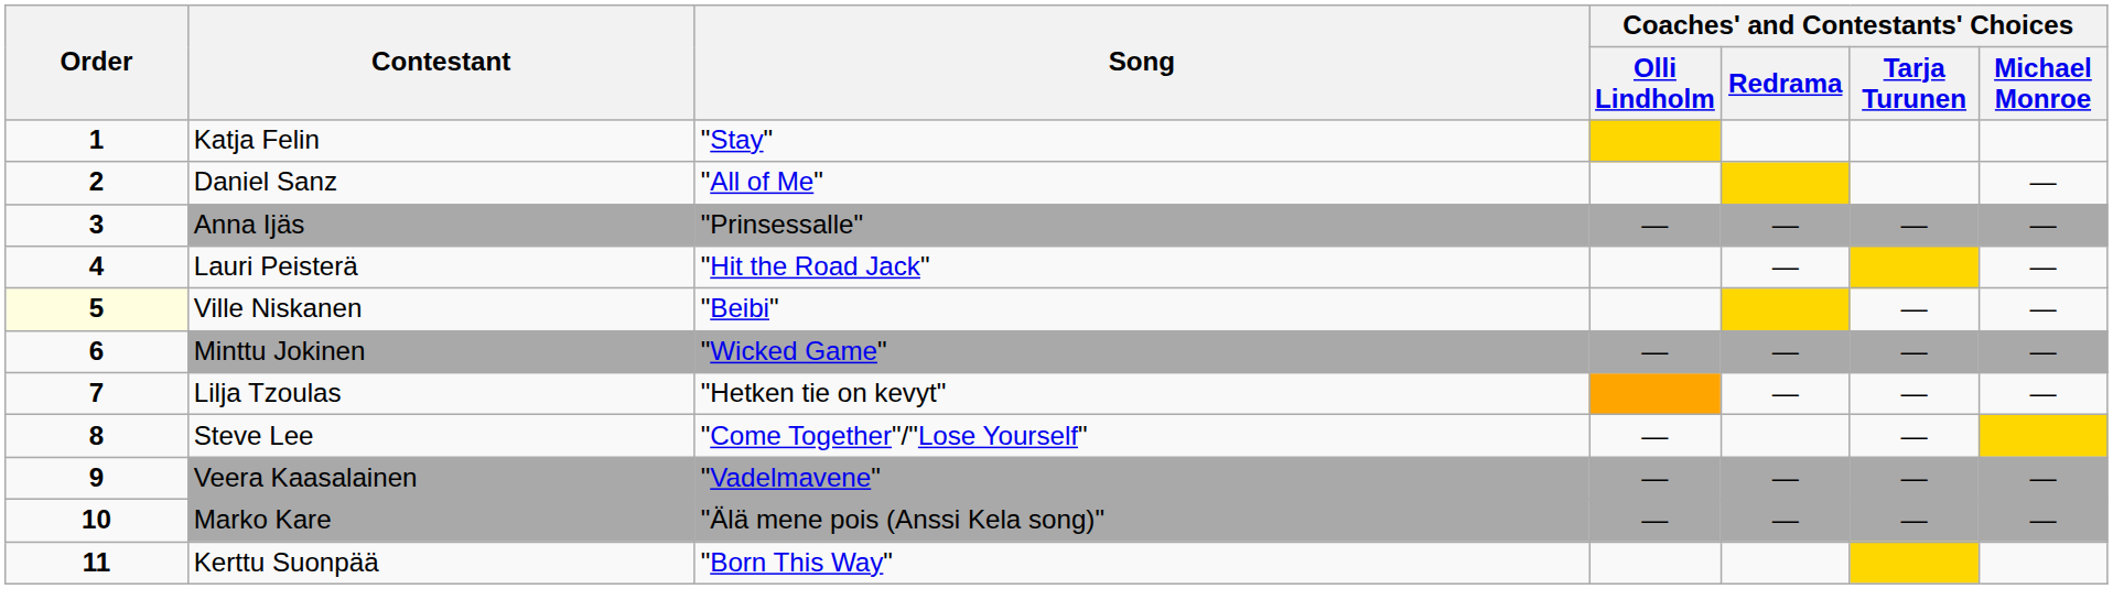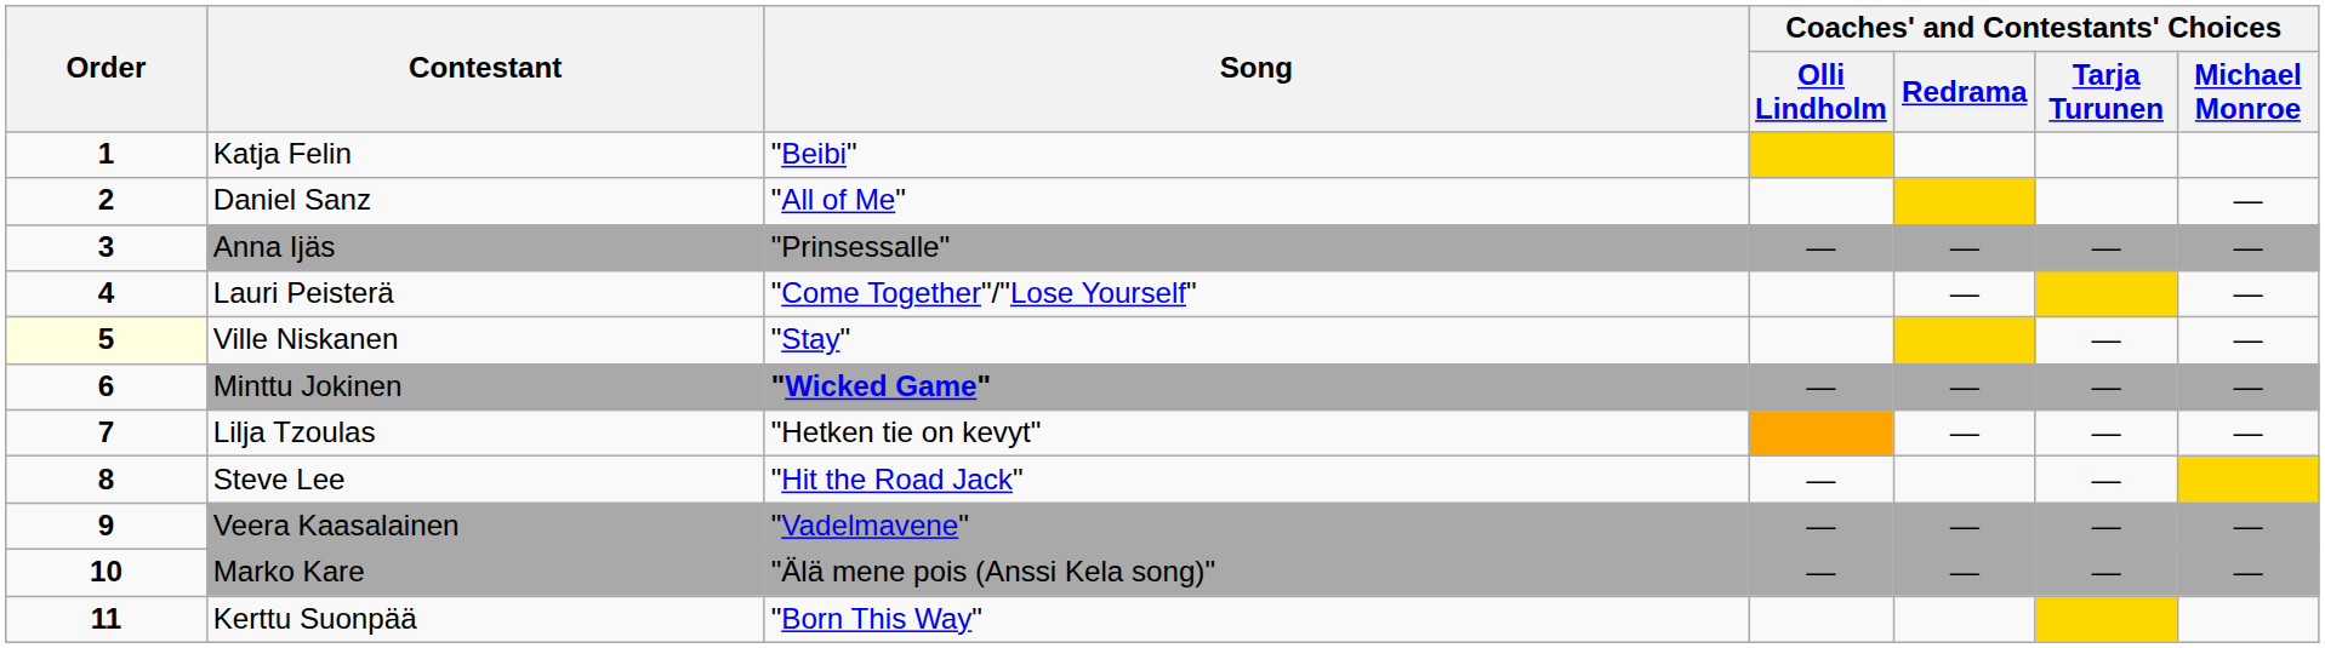 <table class="wikitable" style="width:100%;">
 <tr>
 <th rowspan=2>Order</th>
 <th rowspan=2>Contestant</th>
 <th rowspan=2>Song</th>
 <th colspan=4>Coaches' and Contestants' Choices</th>
 </tr>
 <tr>
 <th width="70"><a href='#'>Olli Lindholm</a></th>
 <th width="70"><a href='#'>Redrama</a></th>
 <th width="70"><a href='#'>Tarja Turunen</a></th>
 <th width="70"><a href='#'>Michael Monroe</a></th>
 </tr>
 <tr>
 <td align="center"><strong>1</strong></td>
 <td>Katja Felin</td>
-<td>"<a href='#'>Stay</a>"</td>
+<td>"<a href='#'>Beibi</a>"</td>
 <td style="background:gold;text-align:center;"></td>
 <td style=";text-align:center;"></td>
 <td style=";text-align:center;"></td>
 <td style=";text-align:center;"></td>
 </tr>
 <tr>
 <td align="center"><strong>2</strong></td>
 <td>Daniel Sanz</td>
 <td>"<a href='#'>All of Me</a>"</td>
 <td style=";text-align:center;"></td>
 <td style="background:gold;text-align:center;"></td>
 <td style=";text-align:center;"></td>
 <td align="center">—</td>
 </tr>
 <tr>
 <td align="center"><strong>3</strong></td>
 <td style="background:darkgrey;text-align:left;">Anna Ijäs</td>
 <td style="background:darkgrey;text-align:left;">"Prinsessalle"</td>
 <td style="background:darkgrey;text-align:center;">—</td>
 <td style="background:darkgrey;text-align:center;">—</td>
 <td style="background:darkgrey;text-align:center;">—</td>
 <td style="background:darkgrey;text-align:center;">—</td>
 </tr>
 <tr>
 <td align="center"><strong>4</strong></td>
 <td>Lauri Peisterä</td>
-<td>"<a href='#'>Hit the Road Jack</a>"</td>
+<td>"<a href='#'>Come Together</a>"/"<a href='#'>Lose Yourself</a>"</td>
 <td style=";text-align:center;"></td>
 <td align="center">—</td>
 <td style="background:gold;text-align:center;"></td>
 <td align="center">—</td>
 </tr>
 <tr>
 <td align="center" style="background: lightyellow;"><strong>5</strong></td>
 <td>Ville Niskanen</td>
-<td>"<a href='#'>Beibi</a>"</td>
+<td>"<a href='#'>Stay</a>"</td>
 <td style=";text-align:center;"></td>
 <td style="background:gold;text-align:center;"></td>
 <td align="center">—</td>
 <td align="center">—</td>
 </tr>
 <tr>
 <td align="center"><strong>6</strong></td>
 <td style="background:darkgrey;text-align:left;">Minttu Jokinen</td>
-<td style="background:darkgrey;text-align:left;">"<a href='#'>Wicked Game</a>"</td>
+<td style="background:darkgrey;text-align:left;"><strong>"<a href='#'>Wicked Game</a>"</strong></td>
 <td style="background:darkgrey;text-align:center;">—</td>
 <td style="background:darkgrey;text-align:center;">—</td>
 <td style="background:darkgrey;text-align:center;">—</td>
 <td style="background:darkgrey;text-align:center;">—</td>
 </tr>
 <tr>
 <td align="center"><strong>7</strong></td>
 <td>Lilja Tzoulas</td>
 <td>"Hetken tie on kevyt"</td>
 <td style="background:orange;text-align:center;"></td>
 <td align="center">—</td>
 <td align="center">—</td>
 <td align="center">—</td>
 </tr>
 <tr>
 <td align="center"><strong>8</strong></td>
 <td>Steve Lee</td>
-<td>"<a href='#'>Come Together</a>"/"<a href='#'>Lose Yourself</a>"</td>
+<td>"<a href='#'>Hit the Road Jack</a>"</td>
 <td align="center">—</td>
 <td style=";text-align:center;"></td>
 <td align="center">—</td>
 <td style="background:gold;text-align:center;"></td>
 </tr>
 <tr>
 <td align="center"><strong>9</strong></td>
 <td style="background:darkgrey;text-align:left;">Veera Kaasalainen</td>
 <td style="background:darkgrey;text-align:left;">"<a href='#'>Vadelmavene</a>"</td>
 <td style="background:darkgrey;text-align:center;">—</td>
 <td style="background:darkgrey;text-align:center;">—</td>
 <td style="background:darkgrey;text-align:center;">—</td>
 <td style="background:darkgrey;text-align:center;">—</td>
 </tr>
 <tr>
 <td align="center"><strong>10</strong></td>
 <td style="background:darkgrey;text-align:left;">Marko Kare</td>
 <td style="background:darkgrey;text-align:left;">"Älä mene pois (Anssi Kela song)"</td>
 <td style="background:darkgrey;text-align:center;">—</td>
 <td style="background:darkgrey;text-align:center;">—</td>
 <td style="background:darkgrey;text-align:center;">—</td>
 <td style="background:darkgrey;text-align:center;">—</td>
 </tr>
 <tr>
 <td align="center"><strong>11</strong></td>
 <td>Kerttu Suonpää</td>
 <td>"<a href='#'>Born This Way</a>"</td>
 <td style=";text-align:center;"></td>
 <td style=";text-align:center;"></td>
 <td style="background:gold;text-align:center;"></td>
 <td style=";text-align:center;"></td>
 </tr>
 </table>
